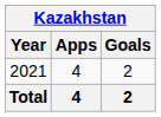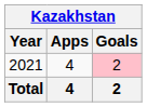 <table class="wikitable" style="text-align:center">
 <tr>
 <th colspan=3><a href='#'>Kazakhstan</a></th>
 </tr>
 <tr>
 <th>Year</th>
 <th>Apps</th>
 <th>Goals</th>
 </tr>
 <tr>
 <td>2021</td>
 <td>4</td>
-<td>2</td>
+<td style="background: pink;">2</td>
 </tr>
 <tr>
 <th>Total</th>
 <th>4</th>
 <th>2</th>
 </tr>
 </table>
